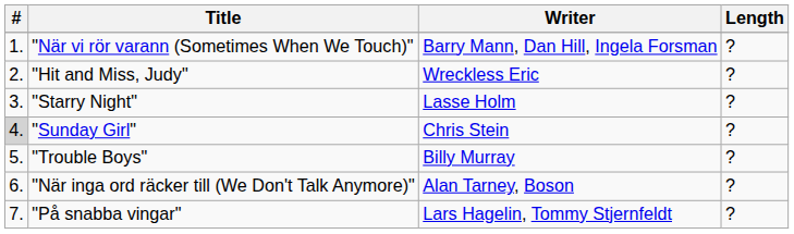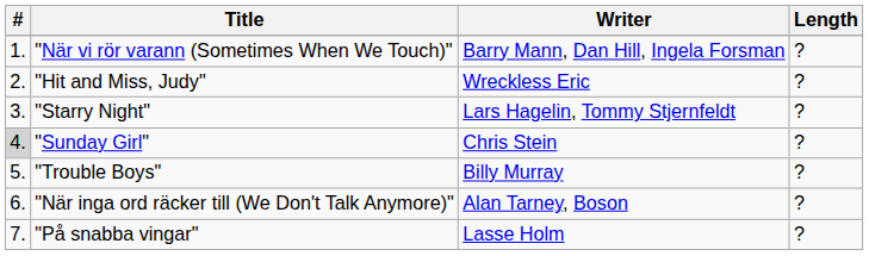 <table class="wikitable">
 <tr>
 <th>#</th>
 <th>Title</th>
 <th>Writer</th>
 <th>Length</th>
 </tr>
 <tr bgcolor="#ebf5ff">
 </tr>
 <tr>
 <td>1.</td>
 <td>"<a href='#'>När vi rör varann</a> (Sometimes When We Touch)"</td>
 <td><a href='#'>Barry Mann</a>, <a href='#'>Dan Hill</a>, <a href='#'>Ingela Forsman</a></td>
 <td>?</td>
 </tr>
 <tr>
 <td>2.</td>
 <td>"Hit and Miss, Judy"</td>
 <td><a href='#'>Wreckless Eric</a></td>
 <td>?</td>
 </tr>
 <tr>
 <td>3.</td>
 <td>"Starry Night"</td>
-<td><a href='#'>Lasse Holm</a></td>
+<td><a href='#'>Lars Hagelin</a>, <a href='#'>Tommy Stjernfeldt</a></td>
 <td>?</td>
 </tr>
 <tr>
 <td style="background: lightgrey;">4.</td>
 <td>"<a href='#'>Sunday Girl</a>"</td>
 <td><a href='#'>Chris Stein</a></td>
 <td>?</td>
 </tr>
 <tr>
 <td>5.</td>
 <td>"Trouble Boys"</td>
 <td><a href='#'>Billy Murray</a></td>
 <td>?</td>
 </tr>
 <tr>
 <td>6.</td>
 <td>"När inga ord räcker till (We Don't Talk Anymore)"</td>
 <td><a href='#'>Alan Tarney</a>, <a href='#'>Boson</a></td>
 <td>?</td>
 </tr>
 <tr>
 <td>7.</td>
 <td>"På snabba vingar"</td>
-<td><a href='#'>Lars Hagelin</a>, <a href='#'>Tommy Stjernfeldt</a></td>
+<td><a href='#'>Lasse Holm</a></td>
 <td>?</td>
 </tr>
 </table>
